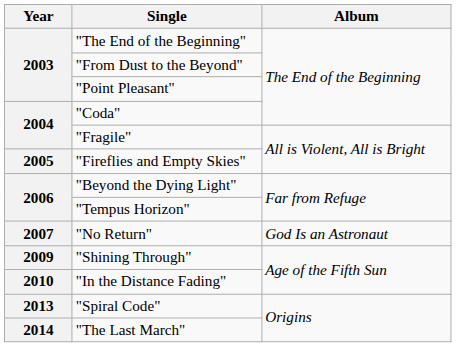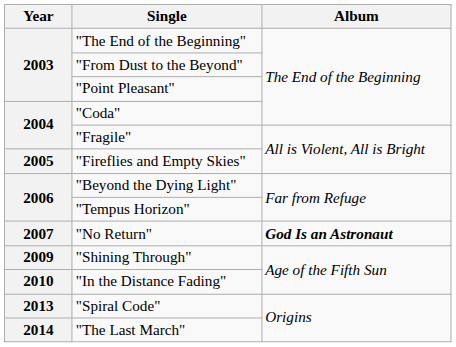 <table class="wikitable plainrowheaders" style="text-align:left">
 <tr>
 <th scope="col" style="width:4em">Year</th>
 <th scope="col" style="width:12em">Single</th>
 <th scope="col" style="width:12em">Album</th>
 </tr>
 <tr>
 <th scope="row" rowspan="3">2003</th>
 <td>"The End of the Beginning"</td>
 <td rowspan="4"><em>The End of the Beginning</em></td>
 </tr>
 <tr>
 <td>"From Dust to the Beyond"</td>
 </tr>
 <tr>
 <td>"Point Pleasant"</td>
 </tr>
 <tr>
 <th scope="row" rowspan="2">2004</th>
 <td>"Coda"</td>
 </tr>
 <tr>
 <td>"Fragile"</td>
 <td rowspan="2"><em>All is Violent, All is Bright</em></td>
 </tr>
 <tr>
 <th scope="row">2005</th>
 <td>"Fireflies and Empty Skies"</td>
 </tr>
 <tr>
 <th scope="row" rowspan="2">2006</th>
 <td>"Beyond the Dying Light"</td>
 <td rowspan="2"><em>Far from Refuge</em></td>
 </tr>
 <tr>
 <td>"Tempus Horizon"</td>
 </tr>
 <tr>
 <th scope="row">2007</th>
 <td>"No Return"</td>
-<td><em>God Is an Astronaut</em></td>
+<td><strong><em>God Is an Astronaut</em></strong></td>
 </tr>
 <tr>
 <th scope="row">2009</th>
 <td>"Shining Through"</td>
 <td rowspan="2"><em>Age of the Fifth Sun</em></td>
 </tr>
 <tr>
 <th scope="row">2010</th>
 <td>"In the Distance Fading"</td>
 </tr>
 <tr>
 <th scope="row">2013</th>
 <td>"Spiral Code"</td>
 <td rowspan="2"><em>Origins</em></td>
 </tr>
 <tr>
 <th scope="row">2014</th>
 <td>"The Last March"</td>
 </tr>
 </table>
